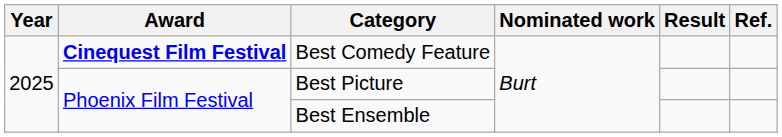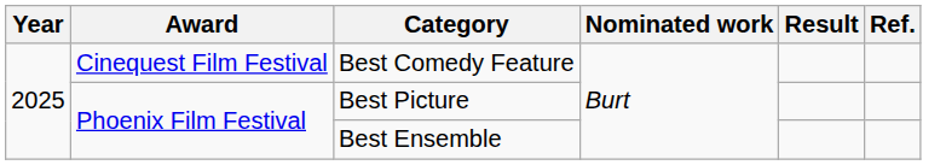 <table class="wikitable">
 <tr>
 <th>Year</th>
 <th>Award</th>
 <th>Category</th>
 <th>Nominated work</th>
 <th>Result</th>
 <th>Ref.</th>
 </tr>
 <tr>
 <td rowspan="3">2025</td>
-<td><strong><a href='#'>Cinequest Film Festival</a></strong></td>
+<td><a href='#'>Cinequest Film Festival</a></td>
 <td>Best Comedy Feature</td>
 <td rowspan="3"><em>Burt</em></td>
 <td></td>
 <td></td>
 </tr>
 <tr>
 <td rowspan="2"><a href='#'>Phoenix Film Festival</a></td>
 <td>Best Picture</td>
 <td></td>
 <td></td>
 </tr>
 <tr>
 <td>Best Ensemble</td>
 <td></td>
 <td></td>
 </tr>
 </table>
